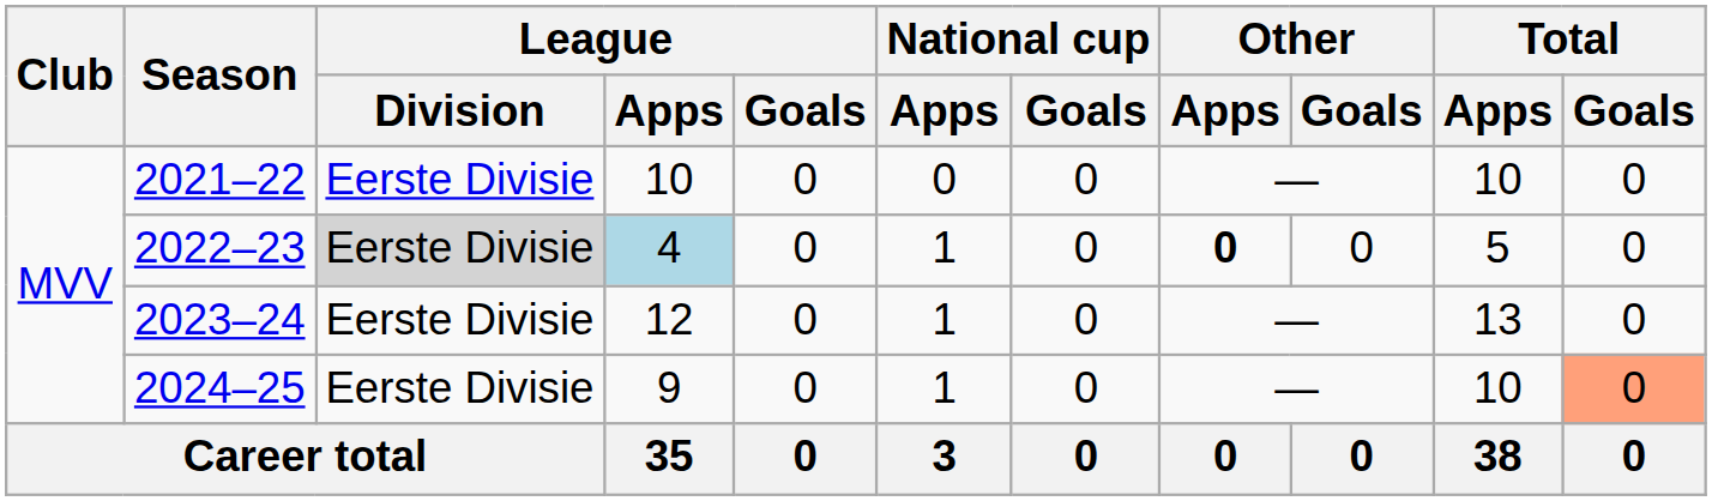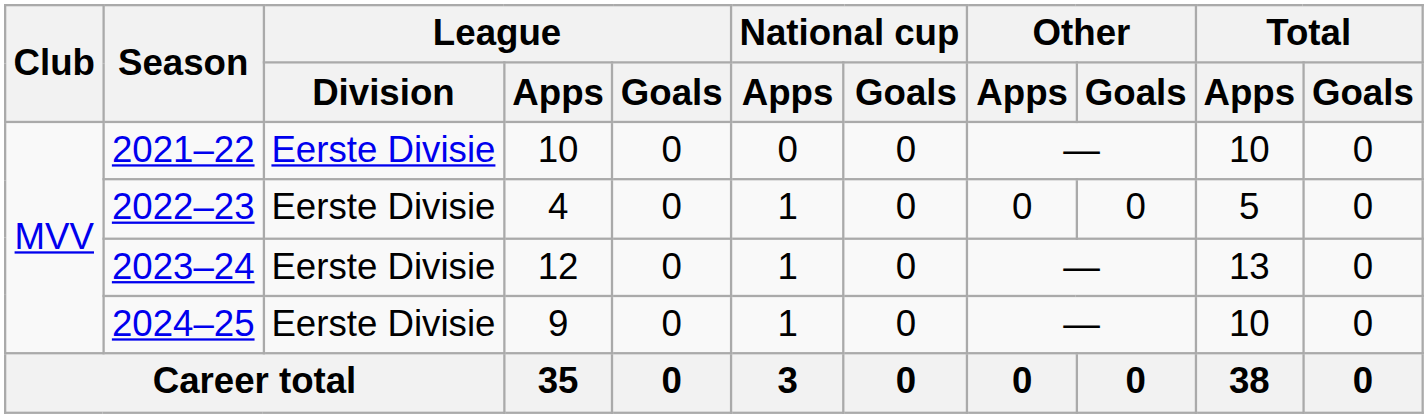 <table class="wikitable" style="text-align:center">
 <tr>
 <th rowspan="2">Club</th>
 <th rowspan="2">Season</th>
 <th colspan="3">League</th>
 <th colspan="2">National cup</th>
 <th colspan="2">Other</th>
 <th colspan="2">Total</th>
 </tr>
 <tr>
 <th>Division</th>
 <th>Apps</th>
 <th>Goals</th>
 <th>Apps</th>
 <th>Goals</th>
 <th>Apps</th>
 <th>Goals</th>
 <th>Apps</th>
 <th>Goals</th>
 </tr>
 <tr>
 <td rowspan="4"><a href='#'>MVV</a></td>
 <td><a href='#'>2021–22</a></td>
 <td><a href='#'>Eerste Divisie</a></td>
 <td>10</td>
 <td>0</td>
 <td>0</td>
 <td>0</td>
 <td colspan="2">—</td>
 <td>10</td>
 <td>0</td>
 </tr>
 <tr>
 <td><a href='#'>2022–23</a></td>
-<td style="background: lightgrey;">Eerste Divisie</td>
-<td style="background: lightblue;">4</td>
+<td>Eerste Divisie</td>
+<td>4</td>
 <td>0</td>
 <td>1</td>
 <td>0</td>
-<td><strong>0</strong></td>
+<td>0</td>
 <td>0</td>
 <td>5</td>
 <td>0</td>
 </tr>
 <tr>
 <td><a href='#'>2023–24</a></td>
 <td>Eerste Divisie</td>
 <td>12</td>
 <td>0</td>
 <td>1</td>
 <td>0</td>
 <td colspan="2">—</td>
 <td>13</td>
 <td>0</td>
 </tr>
 <tr>
 <td><a href='#'>2024–25</a></td>
 <td>Eerste Divisie</td>
 <td>9</td>
 <td>0</td>
 <td>1</td>
 <td>0</td>
 <td colspan="2">—</td>
 <td>10</td>
-<td style="background: lightsalmon;">0</td>
+<td>0</td>
 </tr>
 <tr>
 <th colspan="3">Career total</th>
 <th>35</th>
 <th>0</th>
 <th>3</th>
 <th>0</th>
 <th>0</th>
 <th>0</th>
 <th>38</th>
 <th>0</th>
 </tr>
 </table>
